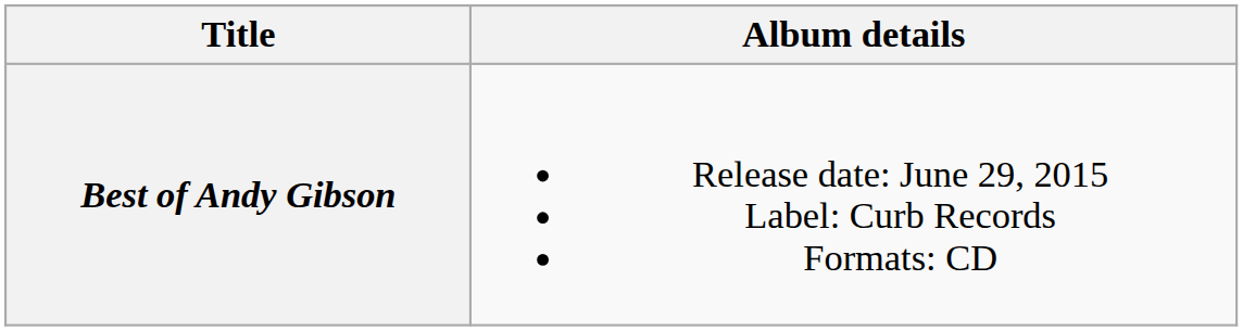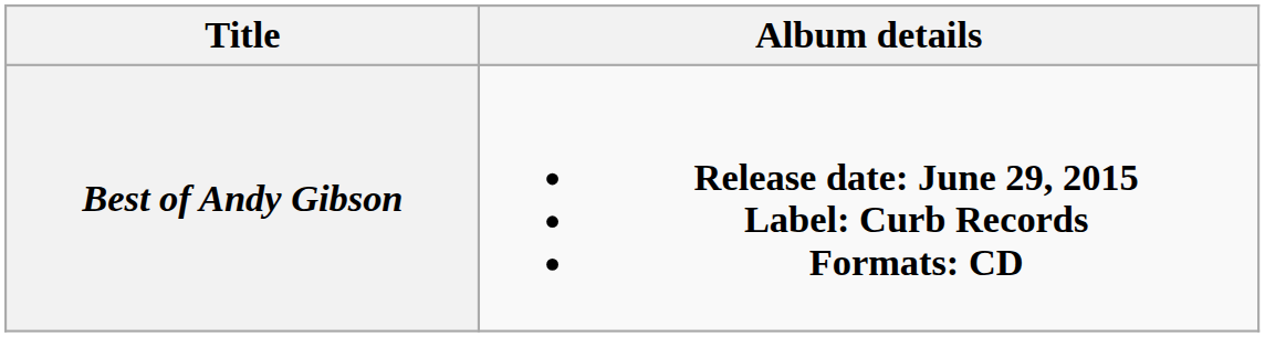 <table class="wikitable plainrowheaders" style="text-align:center;">
 <tr>
 <th style="width:12em;">Title</th>
 <th style="width:20em;">Album details</th>
 </tr>
 <tr>
 <th scope="row"><em>Best of Andy Gibson</em></th>
-<td><br><ul><li>Release date: June 29, 2015</li><li>Label: Curb Records</li><li>Formats: CD</li></ul></td>
+<td><strong><br><ul><li>Release date: June 29, 2015</li><li>Label: Curb Records</li><li>Formats: CD</li></ul></strong></td>
 </tr>
 </table>
